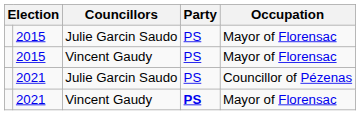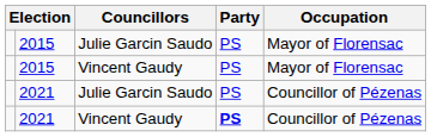 <table class="wikitable">
 <tr>
 <th colspan="2">Election</th>
 <th>Councillors</th>
 <th>Party</th>
 <th>Occupation</th>
 </tr>
 <tr>
 <td style="background-color: "></td>
 <td><a href='#'>2015</a></td>
 <td>Julie Garcin Saudo</td>
 <td><a href='#'>PS</a></td>
 <td>Mayor of <a href='#'>Florensac</a></td>
 </tr>
 <tr>
 <td style="background-color: "></td>
 <td><a href='#'>2015</a></td>
 <td>Vincent Gaudy</td>
 <td><a href='#'>PS</a></td>
 <td>Mayor of <a href='#'>Florensac</a></td>
 </tr>
 <tr>
 <td style="background-color: "></td>
 <td><a href='#'>2021</a></td>
 <td>Julie Garcin Saudo</td>
 <td><a href='#'>PS</a></td>
 <td>Councillor of <a href='#'>Pézenas</a></td>
 </tr>
 <tr>
 <td style="background-color: "></td>
 <td><a href='#'>2021</a></td>
 <td>Vincent Gaudy</td>
 <td><strong><a href='#'>PS</a></strong></td>
-<td>Mayor of <a href='#'>Florensac</a></td>
+<td>Councillor of <a href='#'>Pézenas</a></td>
 </tr>
 </table>
